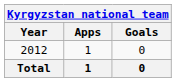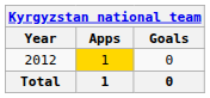 <table class="wikitable" style="text-align:center">
 <tr>
 <th colspan=3><a href='#'>Kyrgyzstan national team</a></th>
 </tr>
 <tr>
 <th>Year</th>
 <th>Apps</th>
 <th>Goals</th>
 </tr>
 <tr>
 <td>2012</td>
-<td>1</td>
+<td style="background: gold;">1</td>
 <td>0</td>
 </tr>
 <tr>
 <th>Total</th>
 <th>1</th>
 <th>0</th>
 </tr>
 </table>
